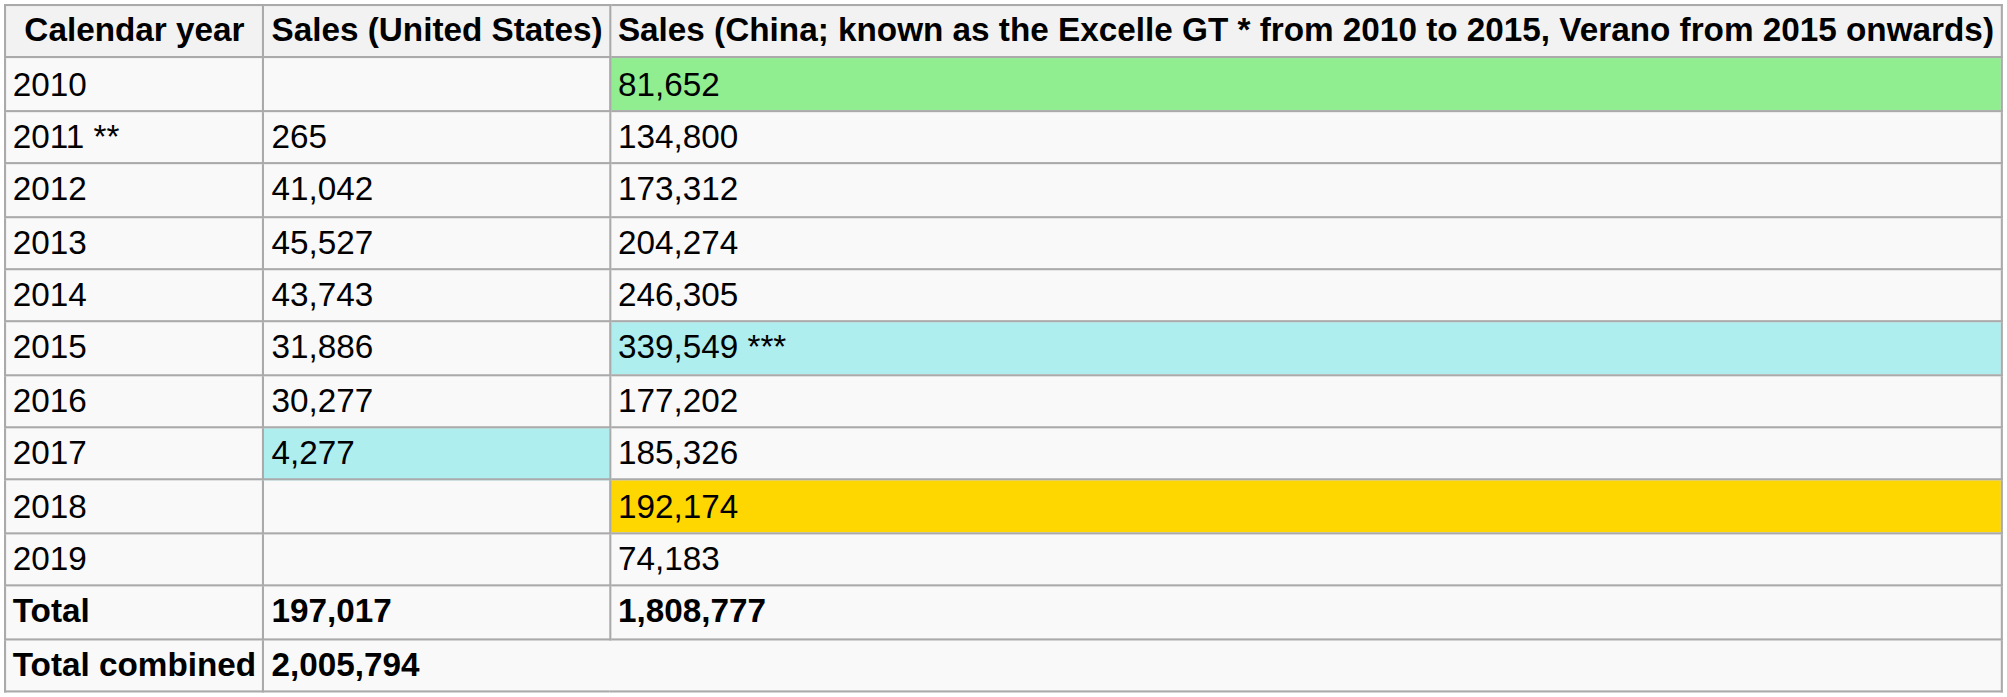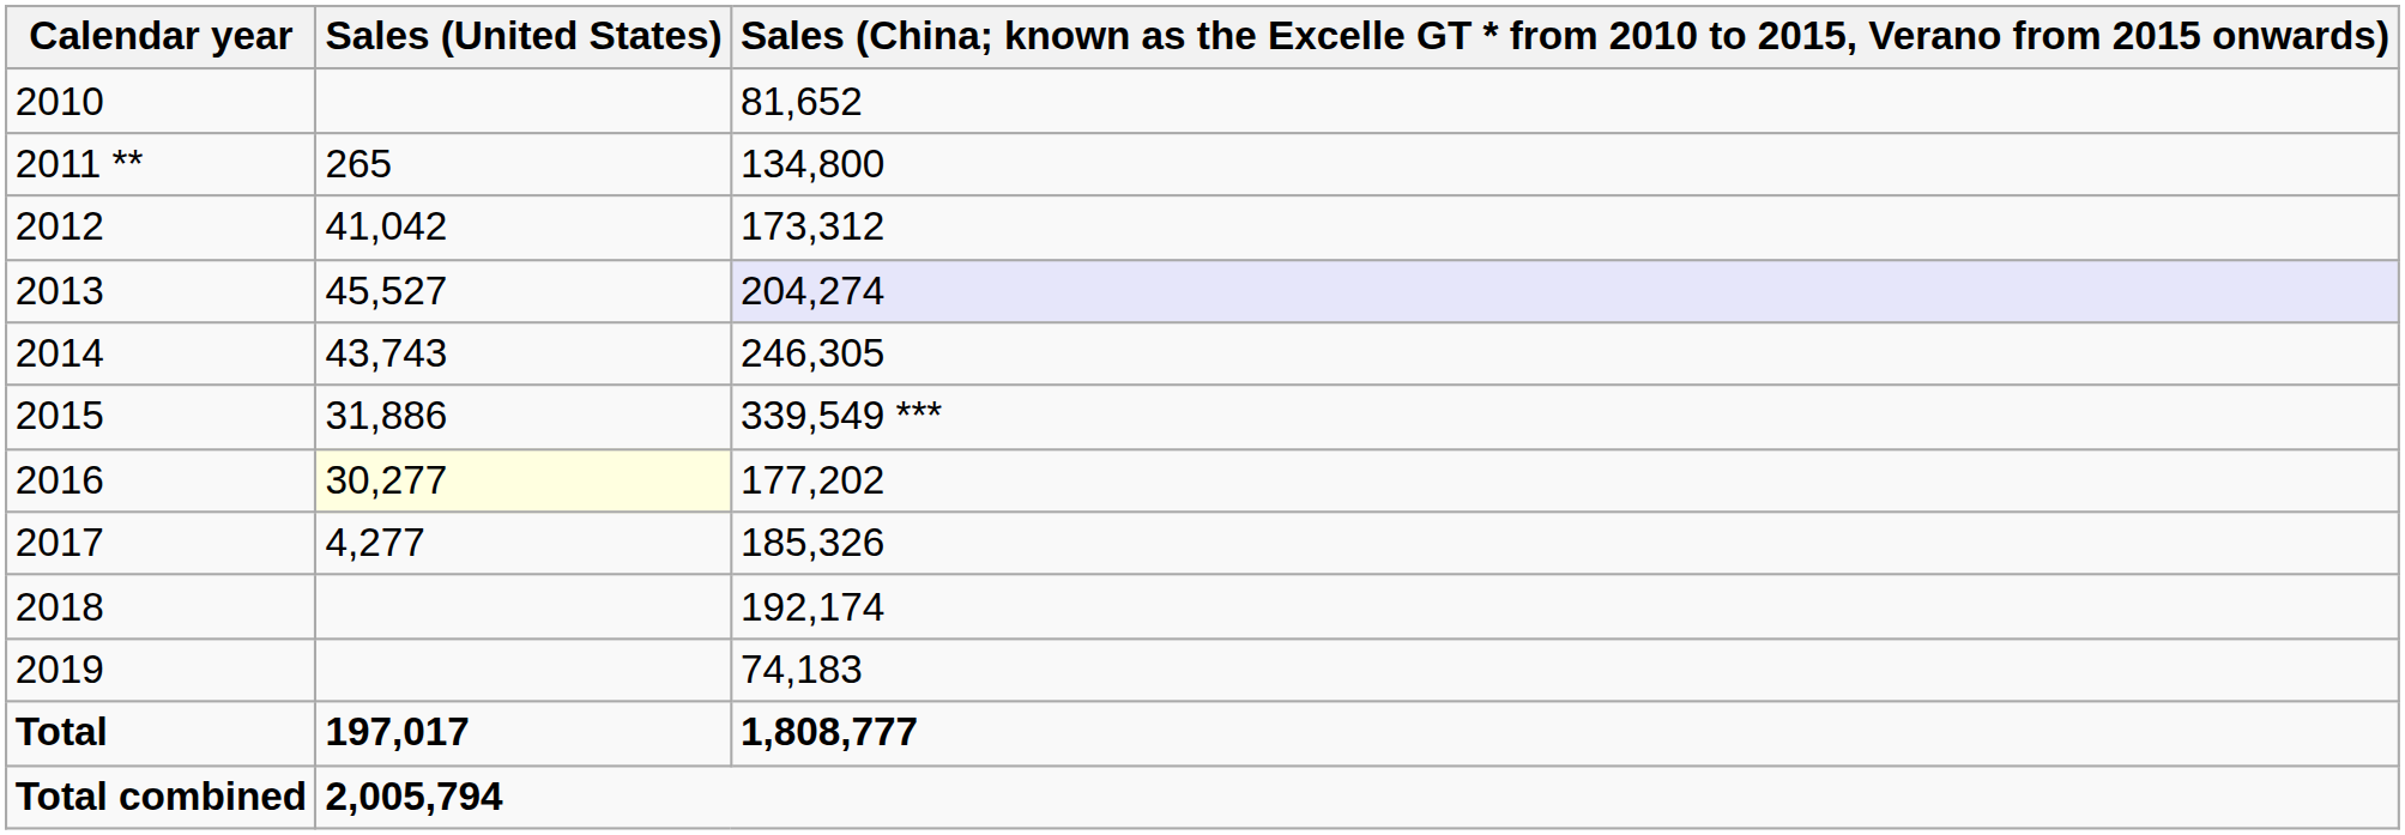 <table class="wikitable">
 <tr>
 <th>Calendar year</th>
 <th>Sales (United States)</th>
 <th>Sales (China; known as the Excelle GT * from 2010 to 2015, Verano from 2015 onwards)</th>
 </tr>
 <tr>
 <td>2010</td>
 <td></td>
-<td style="background: lightgreen;">81,652</td>
+<td>81,652</td>
 </tr>
 <tr>
 <td>2011 **</td>
 <td>265</td>
 <td>134,800</td>
 </tr>
 <tr>
 <td>2012</td>
 <td>41,042</td>
 <td>173,312</td>
 </tr>
 <tr>
 <td>2013</td>
 <td>45,527</td>
-<td>204,274</td>
+<td style="background: lavender;">204,274</td>
 </tr>
 <tr>
 <td>2014</td>
 <td>43,743</td>
 <td>246,305</td>
 </tr>
 <tr>
 <td>2015</td>
 <td>31,886</td>
-<td style="background: paleturquoise;">339,549 ***</td>
+<td>339,549 ***</td>
 </tr>
 <tr>
 <td>2016</td>
-<td>30,277</td>
+<td style="background: lightyellow;">30,277</td>
 <td>177,202</td>
 </tr>
 <tr>
 <td>2017</td>
-<td style="background: paleturquoise;">4,277</td>
+<td>4,277</td>
 <td>185,326</td>
 </tr>
 <tr>
 <td>2018</td>
 <td></td>
-<td style="background: gold;">192,174</td>
+<td>192,174</td>
 </tr>
 <tr>
 <td>2019</td>
 <td></td>
 <td>74,183</td>
 </tr>
 <tr>
 <td><strong>Total</strong></td>
 <td><strong>197,017</strong></td>
 <td><strong>1,808,777</strong></td>
 </tr>
 <tr>
 <td><strong>Total combined</strong></td>
 <td colspan="2"><strong>2,005,794</strong></td>
 </tr>
 </table>
